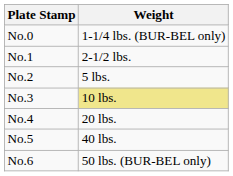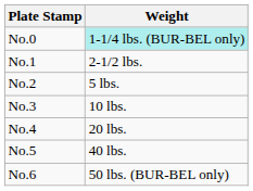 <table class="wikitable">
 <tr>
 <th>Plate Stamp</th>
 <th>Weight</th>
 </tr>
 <tr>
 <td>No.0</td>
-<td>1-1/4 lbs. (BUR-BEL only)</td>
+<td style="background: paleturquoise;">1-1/4 lbs. (BUR-BEL only)</td>
 </tr>
 <tr>
 <td>No.1</td>
 <td>2-1/2 lbs.</td>
 </tr>
 <tr>
 <td>No.2</td>
 <td>5 lbs.</td>
 </tr>
 <tr>
 <td>No.3</td>
-<td style="background: khaki;">10 lbs.</td>
+<td>10 lbs.</td>
 </tr>
 <tr>
 <td>No.4</td>
 <td>20 lbs.</td>
 </tr>
 <tr>
 <td>No.5</td>
 <td>40 lbs.</td>
 </tr>
 <tr>
 <td>No.6</td>
 <td>50 lbs. (BUR-BEL only)</td>
 </tr>
 </table>
